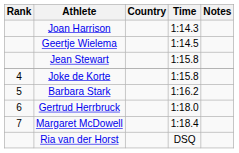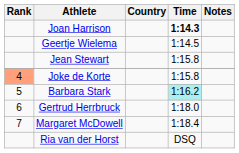 <table class="wikitable sortable" style="text-align:center">
 <tr>
 <th>Rank</th>
 <th>Athlete</th>
 <th>Country</th>
 <th>Time</th>
 <th>Notes</th>
 </tr>
 <tr>
 <td></td>
 <td><a href='#'>Joan Harrison</a></td>
 <td align=left></td>
-<td>1:14.3</td>
+<td><strong>1:14.3</strong></td>
 <td></td>
 </tr>
 <tr>
 <td></td>
 <td><a href='#'>Geertje Wielema</a></td>
 <td align=left></td>
 <td>1:14.5</td>
 <td><strong> </strong></td>
 </tr>
 <tr>
 <td></td>
 <td><a href='#'>Jean Stewart</a></td>
 <td align=left></td>
 <td>1:15.8</td>
 <td><strong> </strong></td>
 </tr>
 <tr>
 </tr>
 <tr>
-<td>4</td>
+<td style="background: lightsalmon;">4</td>
 <td><a href='#'>Joke de Korte</a></td>
 <td align=left></td>
 <td>1:15.8</td>
 <td><strong> </strong></td>
 </tr>
 <tr>
 <td>5</td>
 <td><a href='#'>Barbara Stark</a></td>
 <td align=left></td>
-<td>1:16.2</td>
+<td style="background: paleturquoise;">1:16.2</td>
 <td><strong> </strong></td>
 </tr>
 <tr>
 <td>6</td>
 <td><a href='#'>Gertrud Herrbruck</a></td>
 <td align=left></td>
 <td>1:18.0</td>
 <td><strong> </strong></td>
 </tr>
 <tr>
 <td>7</td>
 <td><a href='#'>Margaret McDowell</a></td>
 <td align=left></td>
 <td>1:18.4</td>
 <td><strong> </strong></td>
 </tr>
 <tr>
 <td></td>
 <td><a href='#'>Ria van der Horst</a></td>
 <td align=left></td>
 <td>DSQ</td>
 <td><strong> </strong></td>
 </tr>
 </table>
